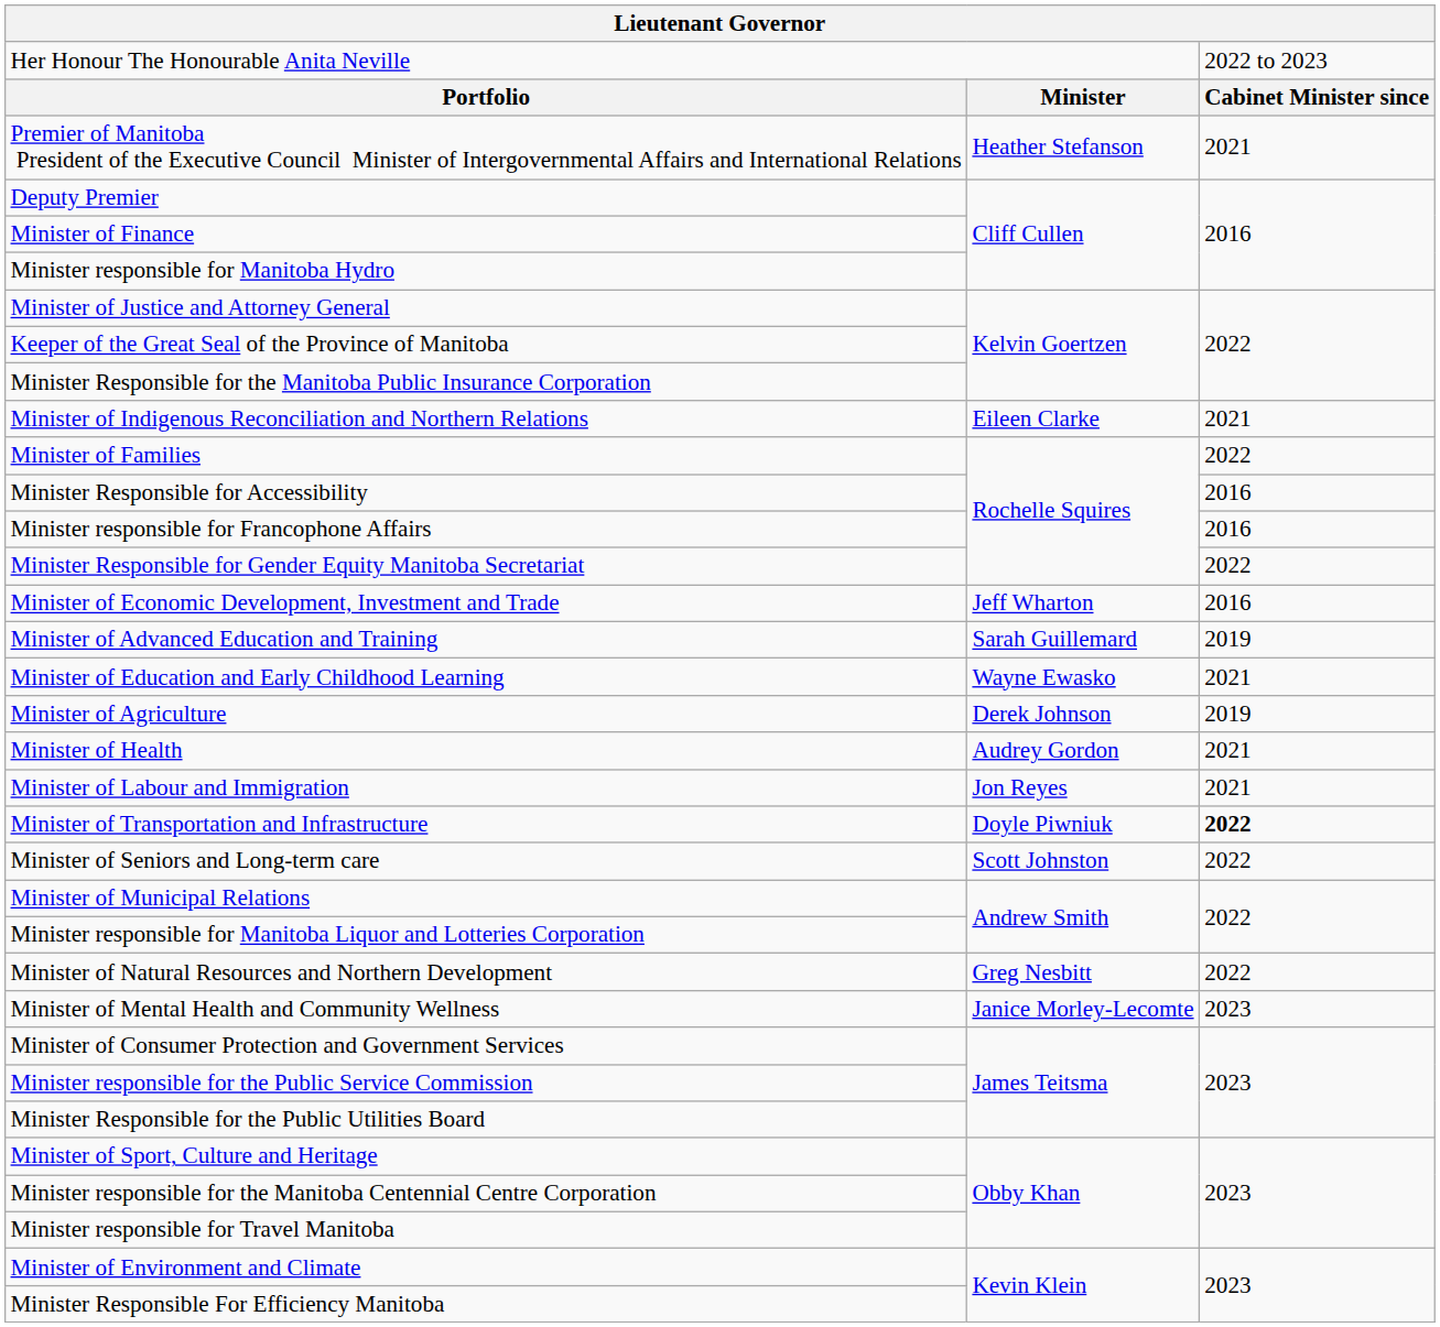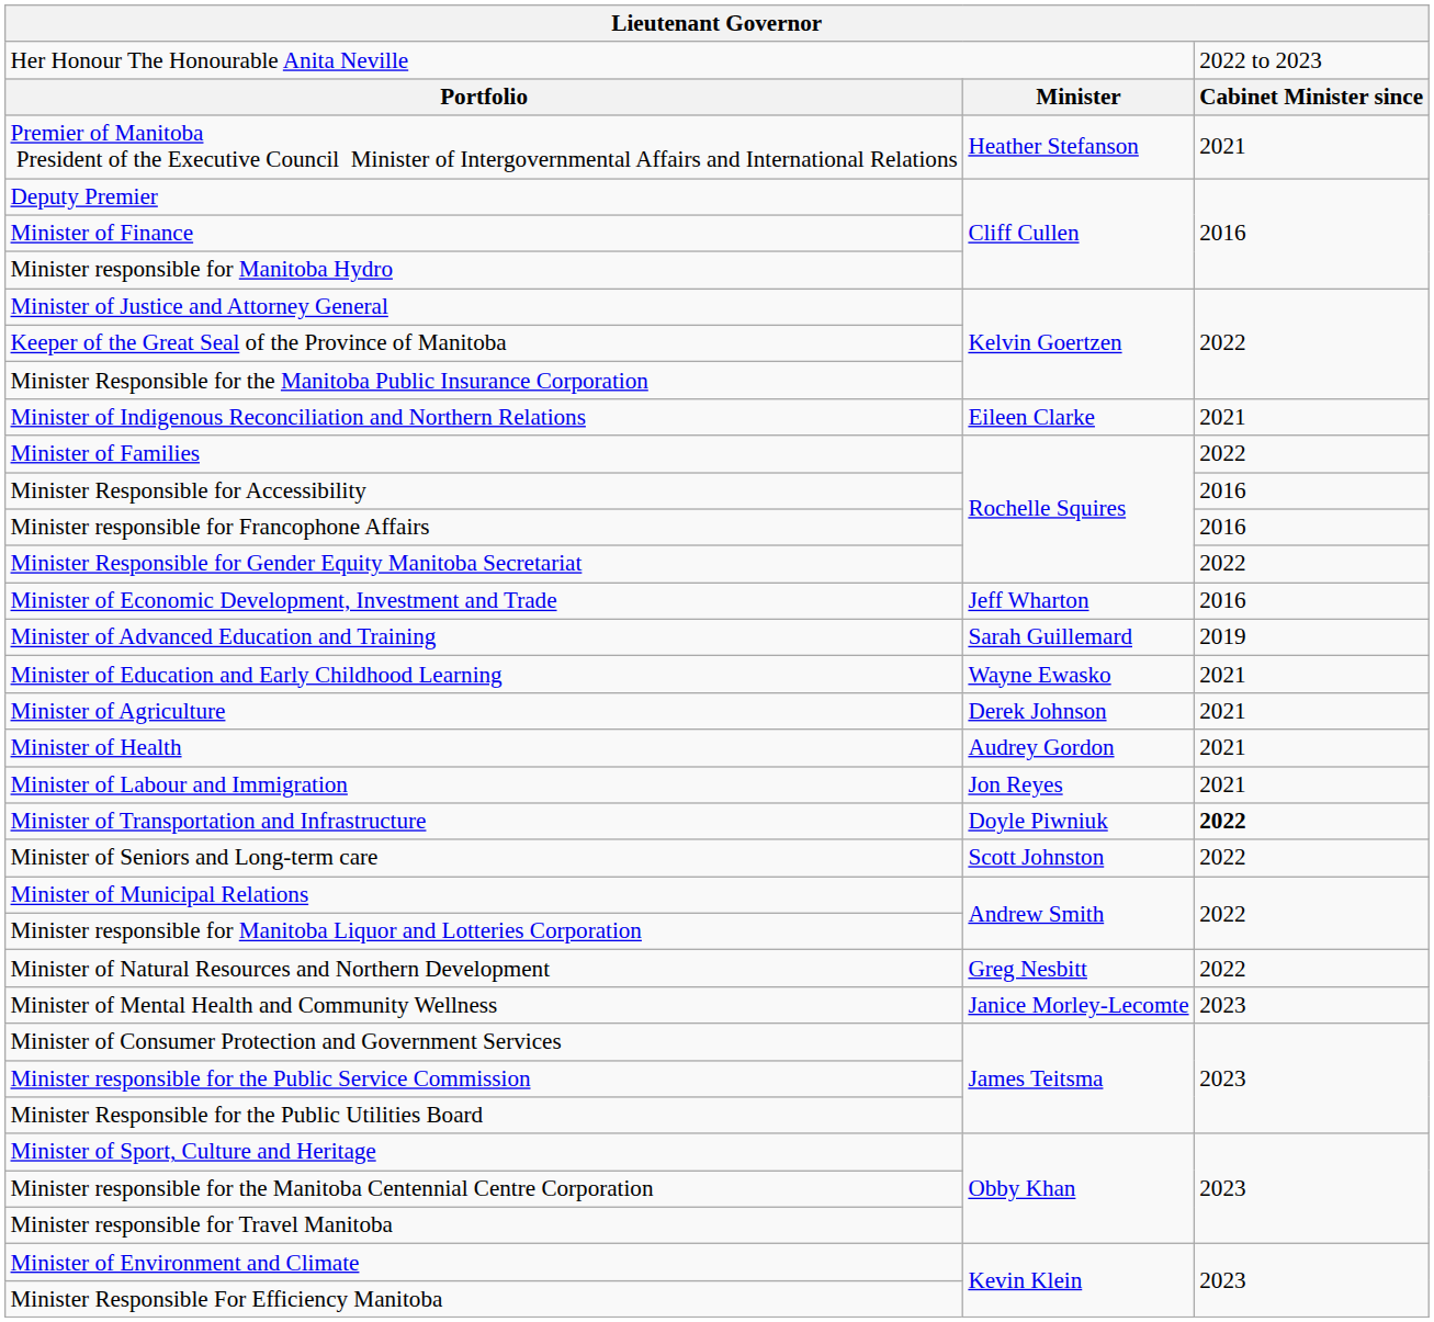 <table class="wikitable">
 <tr>
 <th colspan="3">Lieutenant Governor</th>
 </tr>
 <tr>
 <td colspan="2">Her Honour The Honourable <a href='#'>Anita Neville</a></td>
 <td>2022 to 2023</td>
 </tr>
 <tr>
 <th>Portfolio</th>
 <th>Minister</th>
 <th>Cabinet Minister since</th>
 </tr>
 <tr>
 <td><a href='#'>Premier of Manitoba</a><br> President of the Executive Council  Minister of Intergovernmental Affairs and International Relations</td>
 <td><a href='#'>Heather Stefanson</a></td>
 <td>2021</td>
 </tr>
 <tr>
 <td><a href='#'>Deputy Premier</a></td>
 <td rowspan="3"><a href='#'>Cliff Cullen</a></td>
 <td rowspan="3">2016</td>
 </tr>
 <tr>
 <td><a href='#'>Minister of Finance</a></td>
 </tr>
 <tr>
 <td>Minister responsible for <a href='#'>Manitoba Hydro</a></td>
 </tr>
 <tr>
 <td><a href='#'>Minister of Justice and Attorney General</a></td>
 <td rowspan="3"><a href='#'>Kelvin Goertzen</a></td>
 <td rowspan="3">2022</td>
 </tr>
 <tr>
 <td><a href='#'>Keeper of the Great Seal</a> of the Province of Manitoba</td>
 </tr>
 <tr>
 <td>Minister Responsible for the <a href='#'>Manitoba Public Insurance Corporation</a></td>
 </tr>
 <tr>
 <td><a href='#'>Minister of Indigenous Reconciliation and Northern Relations</a></td>
 <td><a href='#'>Eileen Clarke</a></td>
 <td>2021</td>
 </tr>
 <tr>
 <td><a href='#'>Minister of Families</a></td>
 <td rowspan="4"><a href='#'>Rochelle Squires</a></td>
 <td>2022</td>
 </tr>
 <tr>
 <td>Minister Responsible for Accessibility</td>
 <td>2016</td>
 </tr>
 <tr>
 <td>Minister responsible for Francophone Affairs</td>
 <td>2016</td>
 </tr>
 <tr>
 <td><a href='#'>Minister Responsible for Gender Equity Manitoba Secretariat</a></td>
 <td>2022</td>
 </tr>
 <tr>
 <td><a href='#'>Minister of Economic Development, Investment and Trade</a></td>
 <td><a href='#'>Jeff Wharton</a></td>
 <td>2016</td>
 </tr>
 <tr>
 <td><a href='#'>Minister of Advanced Education and Training</a></td>
 <td><a href='#'>Sarah Guillemard</a></td>
 <td>2019</td>
 </tr>
 <tr>
 <td><a href='#'>Minister of Education and Early Childhood Learning</a></td>
 <td><a href='#'>Wayne Ewasko</a></td>
 <td>2021</td>
 </tr>
 <tr>
 <td><a href='#'>Minister of Agriculture</a></td>
 <td><a href='#'>Derek Johnson</a></td>
-<td>2019</td>
+<td>2021</td>
 </tr>
 <tr>
 <td><a href='#'>Minister of Health</a></td>
 <td><a href='#'>Audrey Gordon</a></td>
 <td>2021</td>
 </tr>
 <tr>
 <td><a href='#'>Minister of Labour and Immigration</a></td>
 <td><a href='#'>Jon Reyes</a></td>
 <td>2021</td>
 </tr>
 <tr>
 <td><a href='#'>Minister of Transportation and Infrastructure</a></td>
 <td><a href='#'>Doyle Piwniuk</a></td>
 <td><strong>2022</strong></td>
 </tr>
 <tr>
 <td>Minister of Seniors and Long-term care</td>
 <td><a href='#'>Scott Johnston</a></td>
 <td>2022</td>
 </tr>
 <tr>
 <td><a href='#'>Minister of Municipal Relations</a></td>
 <td rowspan="2"><a href='#'>Andrew Smith</a></td>
 <td rowspan="2">2022</td>
 </tr>
 <tr>
 <td>Minister responsible for <a href='#'>Manitoba Liquor and Lotteries Corporation</a></td>
 </tr>
 <tr>
 <td>Minister of Natural Resources and Northern Development</td>
 <td><a href='#'>Greg Nesbitt</a></td>
 <td>2022</td>
 </tr>
 <tr>
 <td>Minister of Mental Health and Community Wellness</td>
 <td><a href='#'>Janice Morley-Lecomte</a></td>
 <td>2023</td>
 </tr>
 <tr>
 <td>Minister of Consumer Protection and Government Services</td>
 <td rowspan="3"><a href='#'>James Teitsma</a></td>
 <td rowspan="3">2023</td>
 </tr>
 <tr>
 <td><a href='#'>Minister responsible for the Public Service Commission</a></td>
 </tr>
 <tr>
 <td>Minister Responsible for the Public Utilities Board</td>
 </tr>
 <tr>
 <td><a href='#'>Minister of Sport, Culture and Heritage</a></td>
 <td rowspan="3"><a href='#'>Obby Khan</a></td>
 <td rowspan="3">2023</td>
 </tr>
 <tr>
 <td>Minister responsible for the Manitoba Centennial Centre Corporation</td>
 </tr>
 <tr>
 <td>Minister responsible for Travel Manitoba</td>
 </tr>
 <tr>
 <td><a href='#'>Minister of Environment and Climate</a></td>
 <td rowspan="2"><a href='#'>Kevin Klein</a></td>
 <td rowspan="2">2023</td>
 </tr>
 <tr>
 <td>Minister Responsible For Efficiency Manitoba</td>
 </tr>
 </table>
